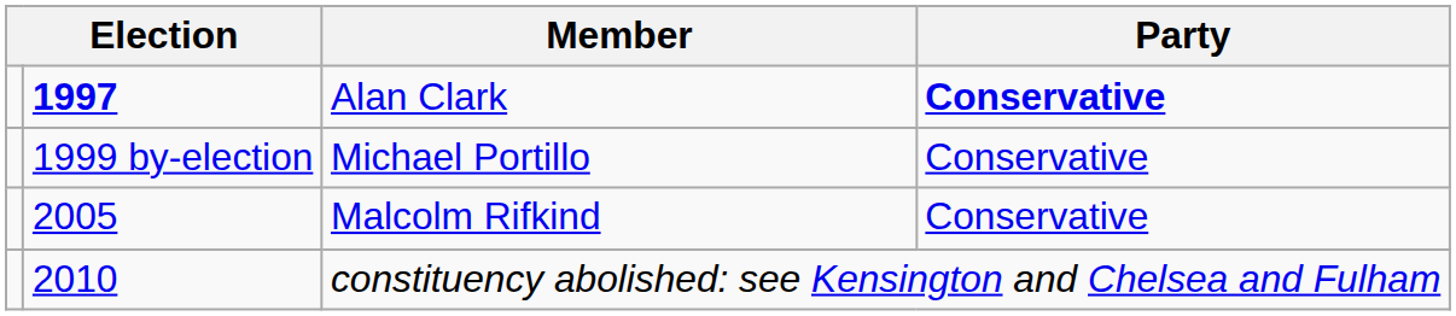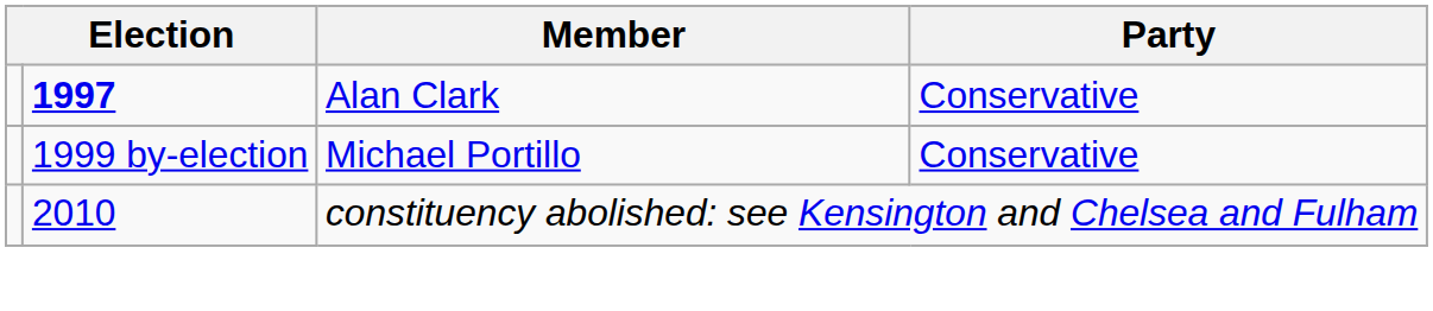 <table class="wikitable">
 <tr>
 <th colspan="2">Election</th>
 <th>Member </th>
 <th>Party</th>
 </tr>
 <tr>
 <td style="color:inherit;background-color: "></td>
 <td><strong><a href='#'>1997</a></strong></td>
 <td><a href='#'>Alan Clark</a></td>
-<td><strong><a href='#'>Conservative</a></strong></td>
+<td><a href='#'>Conservative</a></td>
 </tr>
 <tr>
 <td style="color:inherit;background-color: "></td>
 <td><a href='#'>1999 by-election</a></td>
 <td><a href='#'>Michael Portillo</a></td>
 <td><a href='#'>Conservative</a></td>
 </tr>
 <tr>
-<td style="color:inherit;background-color: "></td>
-<td><a href='#'>2005</a></td>
-<td><a href='#'>Malcolm Rifkind</a></td>
-<td><a href='#'>Conservative</a></td>
-</tr>
-<tr>
 <td></td>
 <td><a href='#'>2010</a></td>
 <td colspan="2"><em>constituency abolished: see <a href='#'>Kensington</a> and <a href='#'>Chelsea and Fulham</a></em></td>
 </tr>
 </table>
